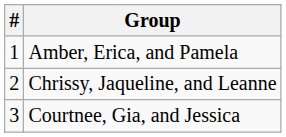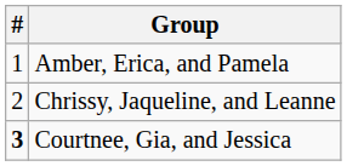 <table class="wikitable">
 <tr>
 <th>#</th>
 <th>Group</th>
 </tr>
 <tr>
 <td>1</td>
 <td>Amber, Erica, and Pamela</td>
 </tr>
 <tr>
 <td>2</td>
 <td>Chrissy, Jaqueline, and Leanne</td>
 </tr>
 <tr>
-<td>3</td>
+<td><strong>3</strong></td>
 <td>Courtnee, Gia, and Jessica</td>
 </tr>
 </table>
